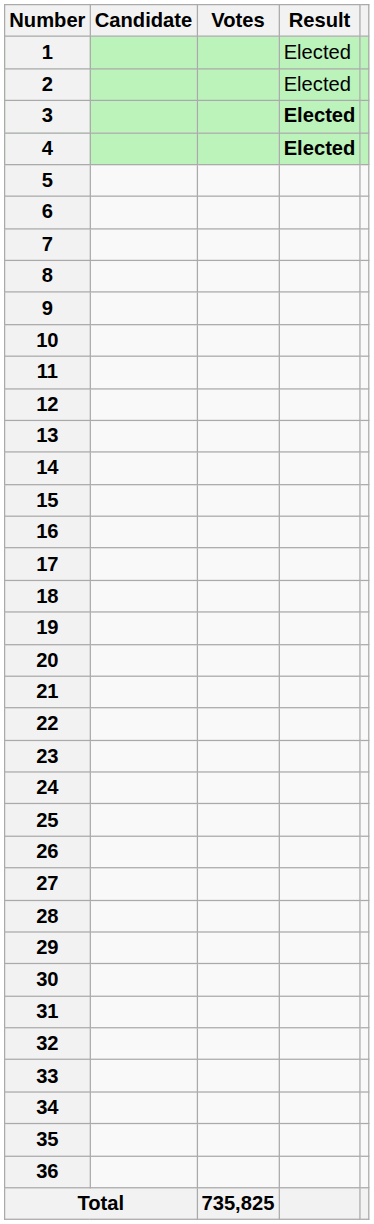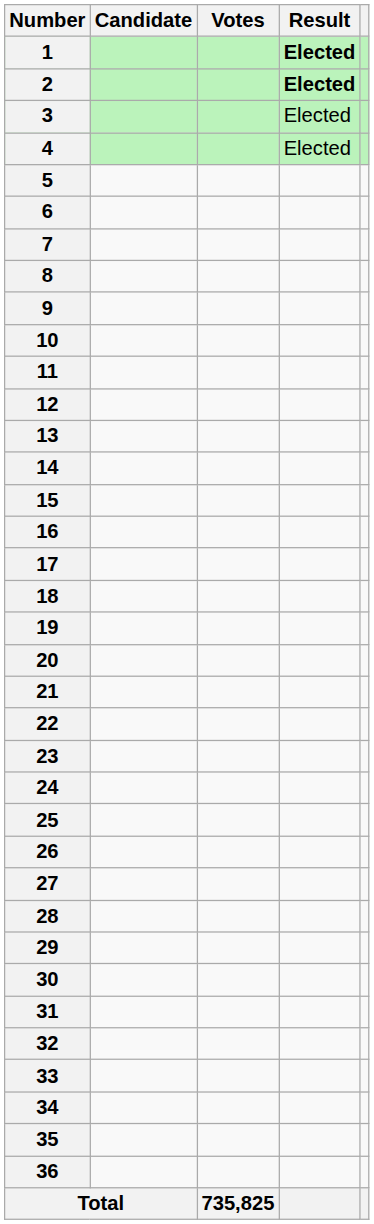 <table class="wikitable sortable">
 <tr>
 <th scope="col">Number</th>
 <th scope="col">Candidate</th>
 <th scope="col">Votes</th>
 <th scope="col">Result</th>
 <th scope="col" class="unsortable"></th>
 </tr>
 <tr bgcolor=bbf3bb>
 <th scope="row">1</th>
 <td></td>
 <td style="text-align:right"></td>
-<td>Elected</td>
+<td><strong>Elected</strong></td>
 <td></td>
 </tr>
 <tr bgcolor=bbf3bb>
 <th scope="row">2</th>
 <td></td>
 <td style="text-align:right"></td>
-<td>Elected</td>
+<td><strong>Elected</strong></td>
 <td></td>
 </tr>
 <tr bgcolor=bbf3bb>
 <th scope="row">3</th>
 <td></td>
 <td style="text-align:right"></td>
-<td><strong>Elected</strong></td>
+<td>Elected</td>
 <td></td>
 </tr>
 <tr bgcolor=bbf3bb>
 <th scope="row">4</th>
 <td></td>
 <td style="text-align:right"></td>
-<td><strong>Elected</strong></td>
+<td>Elected</td>
 <td></td>
 </tr>
 <tr>
 <th scope="row">5</th>
 <td></td>
 <td style="text-align:right"></td>
 <td></td>
 <td></td>
 </tr>
 <tr>
 <th scope="row">6</th>
 <td></td>
 <td style="text-align:right"></td>
 <td></td>
 <td></td>
 </tr>
 <tr>
 <th scope="row">7</th>
 <td></td>
 <td style="text-align:right"></td>
 <td></td>
 <td></td>
 </tr>
 <tr>
 <th scope="row">8</th>
 <td></td>
 <td style="text-align:right"></td>
 <td></td>
 <td></td>
 </tr>
 <tr>
 <th scope="row">9</th>
 <td></td>
 <td style="text-align:right"></td>
 <td></td>
 <td></td>
 </tr>
 <tr>
 <th scope="row">10</th>
 <td></td>
 <td style="text-align:right"></td>
 <td></td>
 <td></td>
 </tr>
 <tr>
 <th scope="row">11</th>
 <td></td>
 <td style="text-align:right"></td>
 <td></td>
 <td></td>
 </tr>
 <tr>
 <th scope="row">12</th>
 <td></td>
 <td style="text-align:right"></td>
 <td></td>
 <td></td>
 </tr>
 <tr>
 <th scope="row">13</th>
 <td></td>
 <td style="text-align:right"></td>
 <td></td>
 <td></td>
 </tr>
 <tr>
 <th scope="row">14</th>
 <td></td>
 <td style="text-align:right"></td>
 <td></td>
 <td></td>
 </tr>
 <tr>
 <th scope="row">15</th>
 <td></td>
 <td style="text-align:right"></td>
 <td></td>
 <td></td>
 </tr>
 <tr>
 <th scope="row">16</th>
 <td></td>
 <td style="text-align:right"></td>
 <td></td>
 <td></td>
 </tr>
 <tr>
 <th scope="row">17</th>
 <td></td>
 <td style="text-align:right"></td>
 <td></td>
 <td></td>
 </tr>
 <tr>
 <th scope="row">18</th>
 <td></td>
 <td style="text-align:right"></td>
 <td></td>
 <td></td>
 </tr>
 <tr>
 <th scope="row">19</th>
 <td></td>
 <td style="text-align:right"></td>
 <td></td>
 <td></td>
 </tr>
 <tr>
 <th scope="row">20</th>
 <td></td>
 <td style="text-align:right"></td>
 <td></td>
 <td></td>
 </tr>
 <tr>
 <th scope="row">21</th>
 <td></td>
 <td style="text-align:right"></td>
 <td></td>
 <td></td>
 </tr>
 <tr>
 <th scope="row">22</th>
 <td></td>
 <td style="text-align:right"></td>
 <td></td>
 <td></td>
 </tr>
 <tr>
 <th scope="row">23</th>
 <td></td>
 <td style="text-align:right"></td>
 <td></td>
 <td></td>
 </tr>
 <tr>
 <th scope="row">24</th>
 <td></td>
 <td style="text-align:right"></td>
 <td></td>
 <td></td>
 </tr>
 <tr>
 <th scope="row">25</th>
 <td></td>
 <td style="text-align:right"></td>
 <td></td>
 <td></td>
 </tr>
 <tr>
 <th scope="row">26</th>
 <td></td>
 <td style="text-align:right"></td>
 <td></td>
 <td></td>
 </tr>
 <tr>
 <th scope="row">27</th>
 <td></td>
 <td style="text-align:right"></td>
 <td></td>
 <td></td>
 </tr>
 <tr>
 <th scope="row">28</th>
 <td></td>
 <td style="text-align:right"></td>
 <td></td>
 <td></td>
 </tr>
 <tr>
 <th scope="row">29</th>
 <td></td>
 <td style="text-align:right"></td>
 <td></td>
 <td></td>
 </tr>
 <tr>
 <th scope="row">30</th>
 <td></td>
 <td style="text-align:right"></td>
 <td></td>
 <td></td>
 </tr>
 <tr>
 <th scope="row">31</th>
 <td></td>
 <td style="text-align:right"></td>
 <td></td>
 <td></td>
 </tr>
 <tr>
 <th scope="row">32</th>
 <td></td>
 <td style="text-align:right"></td>
 <td></td>
 <td></td>
 </tr>
 <tr>
 <th scope="row">33</th>
 <td></td>
 <td style="text-align:right"></td>
 <td></td>
 <td></td>
 </tr>
 <tr>
 <th scope="row">34</th>
 <td></td>
 <td style="text-align:right"></td>
 <td></td>
 <td></td>
 </tr>
 <tr>
 <th scope="row">35</th>
 <td></td>
 <td style="text-align:right"></td>
 <td></td>
 <td></td>
 </tr>
 <tr>
 <th scope="row">36</th>
 <td></td>
 <td style="text-align:right"></td>
 <td></td>
 <td></td>
 </tr>
 <tr class="sortbottom">
 <th scope="row" colspan="2">Total</th>
 <th style="text-align:right">735,825</th>
 <th></th>
 <th></th>
 </tr>
 </table>
